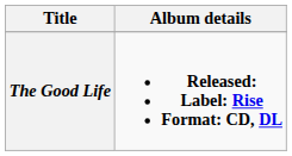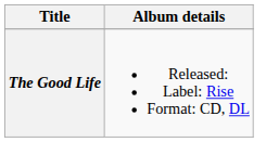 <table class="wikitable plainrowheaders" style="text-align:center;">
 <tr>
 <th scope="col">Title</th>
 <th scope="col">Album details</th>
 </tr>
 <tr>
 </tr>
 <tr>
 <th scope="row"><em>The Good Life</em></th>
-<td><strong><br><ul><li>Released: </li><li>Label: <a href='#'>Rise</a></li><li>Format: CD, <a href='#'>DL</a></li></ul></strong></td>
+<td><br><ul><li>Released: </li><li>Label: <a href='#'>Rise</a></li><li>Format: CD, <a href='#'>DL</a></li></ul></td>
 </tr>
 </table>
